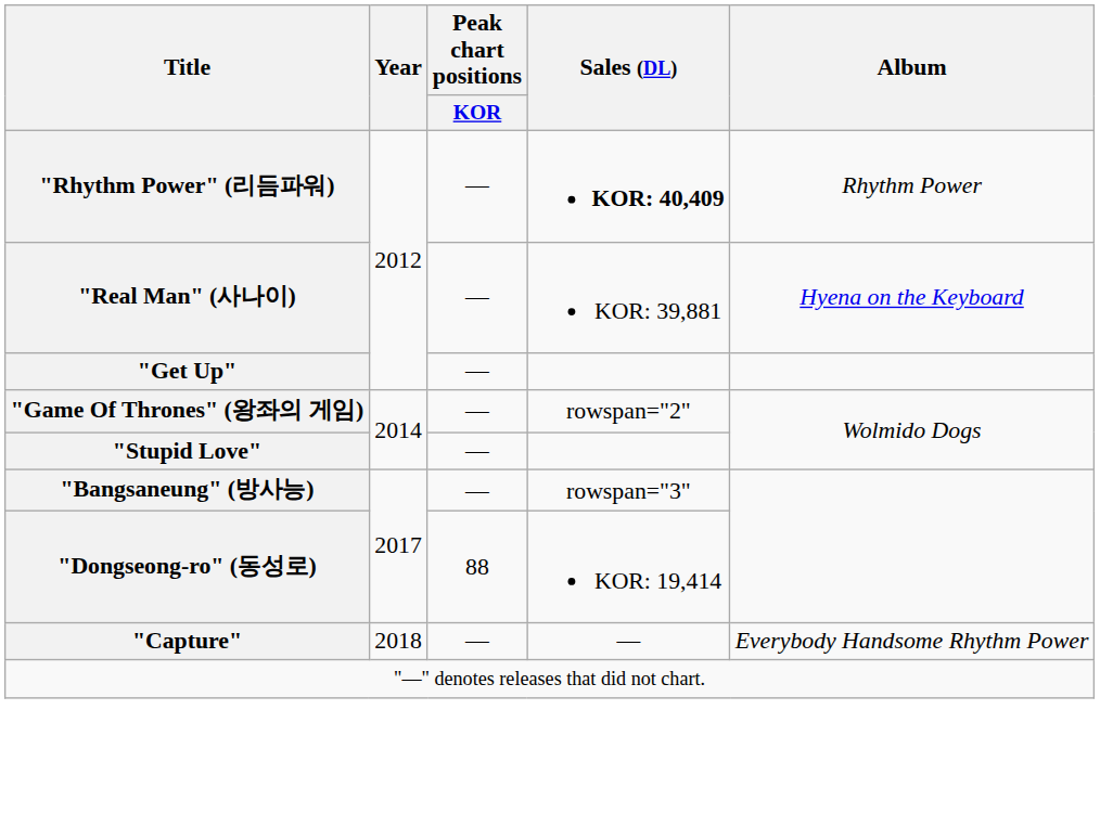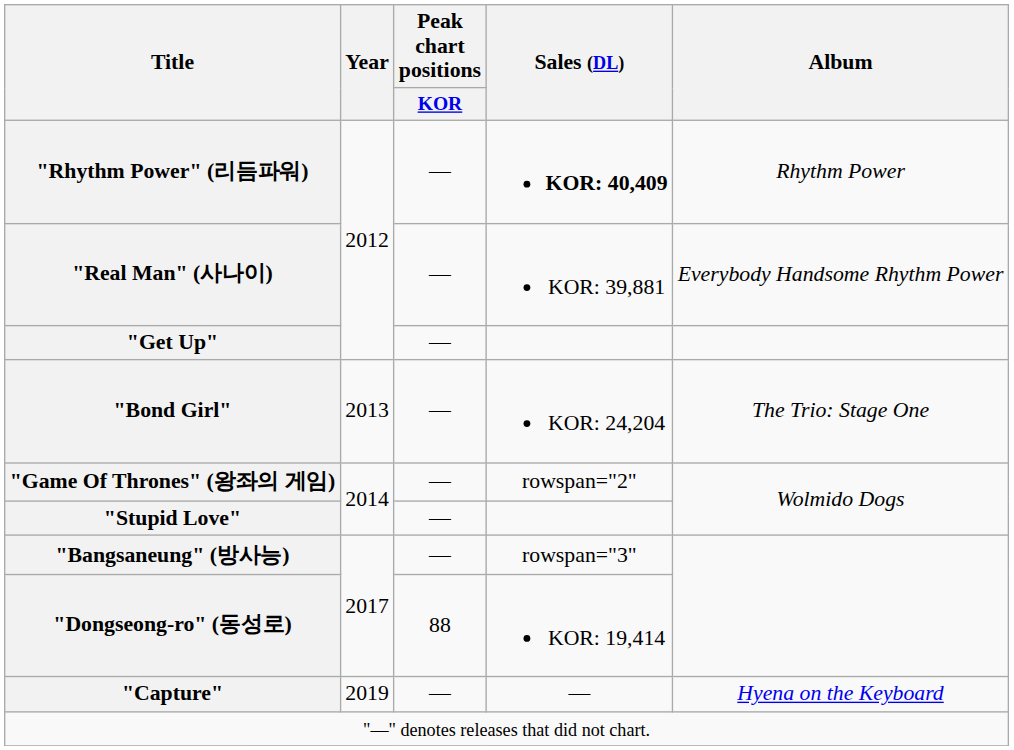 <table class="wikitable plainrowheaders" style="text-align:center;">
 <tr>
 <th scope="col" rowspan="2">Title</th>
 <th scope="col" rowspan="2">Year</th>
 <th scope="col" colspan="1">Peak chart positions</th>
 <th scope="col" rowspan="2">Sales <small>(<a href='#'>DL</a>)</small></th>
 <th scope="col" rowspan="2">Album</th>
 </tr>
 <tr>
 <th scope="col" style="width:3.5em;font-size:90%;"><a href='#'>KOR</a><br></th>
 </tr>
 <tr>
 <th scope="row">"Rhythm Power" (리듬파워)</th>
 <td rowspan="3">2012</td>
 <td>—</td>
 <td><strong><br><ul><li>KOR: 40,409</li></ul></strong></td>
 <td><em>Rhythm Power</em></td>
 </tr>
 <tr>
 <th scope="row">"Real Man" (사나이)</th>
 <td>—</td>
 <td><br><ul><li>KOR: 39,881</li></ul></td>
-<td><em><a href='#'>Hyena on the Keyboard</a></em></td>
+<td><em>Everybody Handsome Rhythm Power</em></td>
 </tr>
 <tr>
 <th scope="row">"Get Up"<br></th>
 <td>—</td>
 <td></td>
 <td></td>
+</tr>
+<tr>
+<th scope="row">"Bond Girl"<br></th>
+<td>2013</td>
+<td>—</td>
+<td><br><ul><li>KOR: 24,204</li></ul></td>
+<td><em>The Trio: Stage One</em></td>
 </tr>
 <tr>
 <th scope="row">"Game Of Thrones" (왕좌의 게임)</th>
 <td rowspan="2">2014</td>
 <td>—</td>
 <td>rowspan="2" </td>
 <td rowspan="2"><em>Wolmido Dogs</em></td>
 </tr>
 <tr>
 <th scope="row">"Stupid Love"<br></th>
 <td>—</td>
 </tr>
 <tr>
 <th scope="row">"Bangsaneung" (방사능)</th>
 <td rowspan="2">2017</td>
 <td>—</td>
 <td>rowspan="3" </td>
 </tr>
 <tr>
 <th scope="row">"Dongseong-ro" (동성로)<br></th>
 <td>88</td>
 <td><br><ul><li>KOR: 19,414</li></ul></td>
 </tr>
 <tr>
 <th scope="row">"Capture"<br></th>
-<td>2018</td>
+<td>2019</td>
 <td>—</td>
 <td>—</td>
-<td><em>Everybody Handsome Rhythm Power</em></td>
+<td><em><a href='#'>Hyena on the Keyboard</a></em></td>
 </tr>
 <tr>
 <td colspan="5" align="center"><small>"—" denotes releases that did not chart.</small></td>
 </tr>
 </table>
